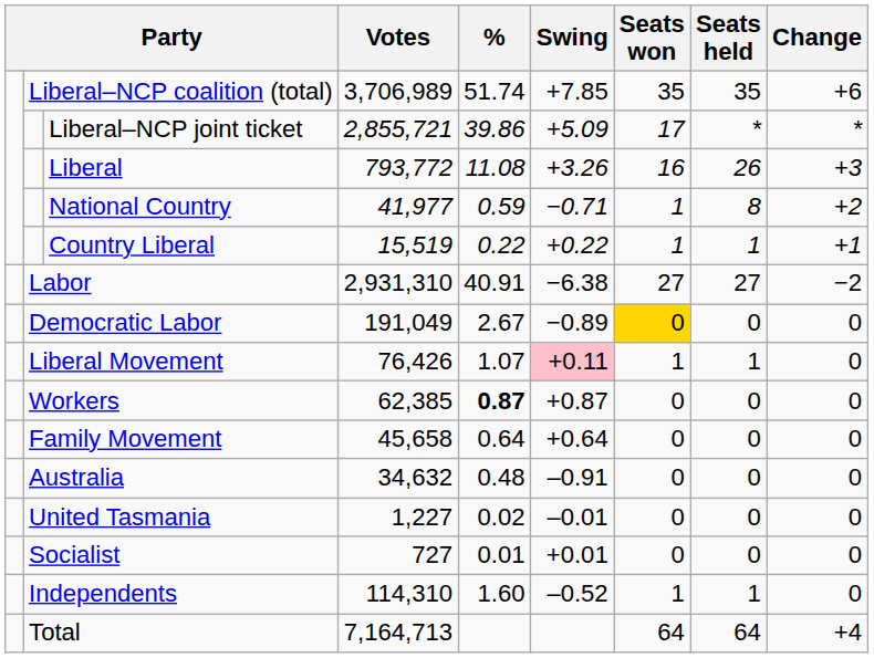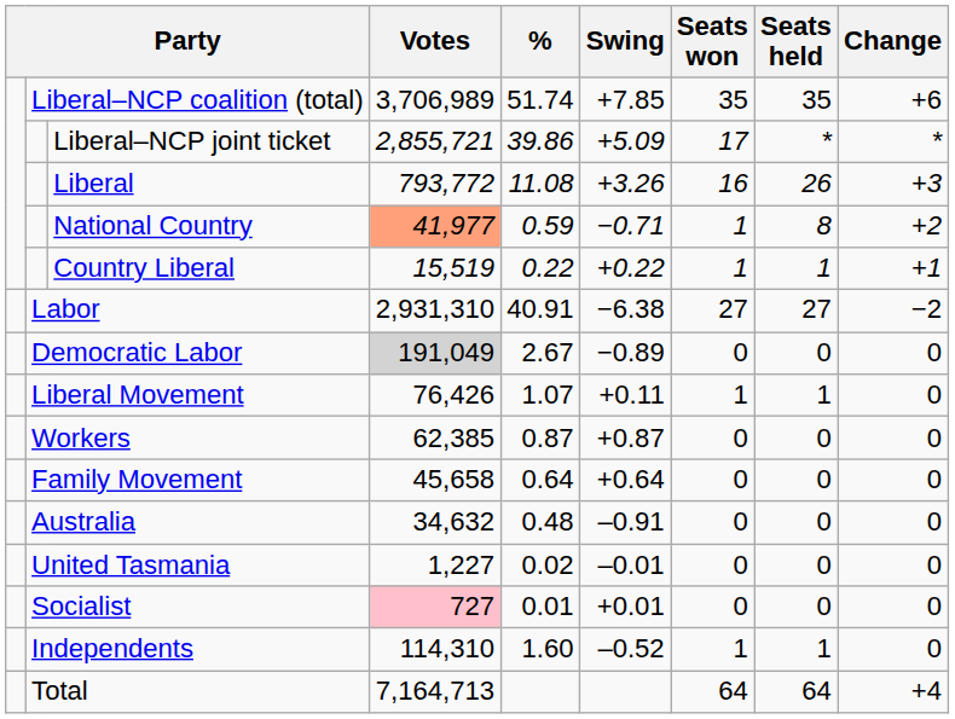 <table class="wikitable">
 <tr>
 <th colspan=3 style="width:180px">Party</th>
 <th style="width:70px">Votes</th>
 <th style="width:40px">%</th>
 <th style="width:40px">Swing</th>
 <th style="width:40px">Seats won</th>
 <th style="width:40px">Seats held</th>
 <th style="width:40px">Change</th>
 </tr>
 <tr>
 <td rowspan=5> </td>
 <td colspan=2><a href='#'>Liberal–NCP coalition</a> (total)</td>
 <td align=right>3,706,989</td>
 <td align=right>51.74</td>
 <td align=right>+7.85</td>
 <td align=right>35</td>
 <td align=right>35</td>
 <td align=right>+6</td>
 </tr>
 <tr>
 <td> </td>
 <td>Liberal–NCP joint ticket</td>
 <td align=right><em>2,855,721</em></td>
 <td align=right><em>39.86</em></td>
 <td align=right><em>+5.09</em></td>
 <td align=right><em>17</em></td>
 <td align=right><em>*</em></td>
 <td align=right><em>*</em></td>
 </tr>
 <tr>
 <td> </td>
 <td><a href='#'>Liberal</a></td>
 <td align=right><em>793,772</em></td>
 <td align=right><em>11.08</em></td>
 <td align=right><em>+3.26</em></td>
 <td align=right><em>16</em></td>
 <td align=right><em>26</em></td>
 <td align=right><em>+3</em></td>
 </tr>
 <tr>
 <td> </td>
 <td><a href='#'>National Country</a></td>
-<td align=right><em>41,977</em></td>
+<td align=right style="background: lightsalmon;"><em>41,977</em></td>
 <td align=right><em>0.59</em></td>
 <td align=right><em>−0.71</em></td>
 <td align=right><em>1</em></td>
 <td align=right><em>8</em></td>
 <td align=right><em>+2</em></td>
 </tr>
 <tr>
 <td> </td>
 <td><a href='#'>Country Liberal</a></td>
 <td align=right><em>15,519</em></td>
 <td align=right><em>0.22</em></td>
 <td align=right><em>+0.22</em></td>
 <td align=right><em>1</em></td>
 <td align=right><em>1</em></td>
 <td align=right><em>+1</em></td>
 </tr>
 <tr>
 <td> </td>
 <td colspan=2><a href='#'>Labor</a></td>
 <td align=right>2,931,310</td>
 <td align=right>40.91</td>
 <td align=right>−6.38</td>
 <td align=right>27</td>
 <td align=right>27</td>
 <td align=right>−2</td>
 </tr>
 <tr>
 <td> </td>
 <td colspan=2><a href='#'>Democratic Labor</a></td>
-<td align=right>191,049</td>
+<td align=right style="background: lightgrey;">191,049</td>
 <td align=right>2.67</td>
 <td align=right>−0.89</td>
-<td align=right style="background: gold;">0</td>
+<td align=right>0</td>
 <td align=right>0</td>
 <td align=right>0</td>
 </tr>
 <tr>
 <td> </td>
 <td colspan=2><a href='#'>Liberal Movement</a></td>
 <td align=right>76,426</td>
 <td align=right>1.07</td>
-<td align=right style="background: pink;">+0.11</td>
+<td align=right>+0.11</td>
 <td align=right>1</td>
 <td align=right>1</td>
 <td align=right>0</td>
 </tr>
 <tr>
 <td> </td>
 <td colspan=2><a href='#'>Workers</a></td>
 <td align=right>62,385</td>
-<td align=right><strong>0.87</strong></td>
+<td align=right>0.87</td>
 <td align=right>+0.87</td>
 <td align=right>0</td>
 <td align=right>0</td>
 <td align=right>0</td>
 </tr>
 <tr>
 <td> </td>
 <td colspan=2><a href='#'>Family Movement</a></td>
 <td align=right>45,658</td>
 <td align=right>0.64</td>
 <td align=right>+0.64</td>
 <td align=right>0</td>
 <td align=right>0</td>
 <td align=right>0</td>
 </tr>
 <tr>
 <td> </td>
 <td colspan=2><a href='#'>Australia</a></td>
 <td align=right>34,632</td>
 <td align=right>0.48</td>
 <td align=right>–0.91</td>
 <td align=right>0</td>
 <td align=right>0</td>
 <td align=right>0</td>
 </tr>
 <tr>
 <td> </td>
 <td colspan=2><a href='#'>United Tasmania</a></td>
 <td align=right>1,227</td>
 <td align=right>0.02</td>
 <td align=right>–0.01</td>
 <td align=right>0</td>
 <td align=right>0</td>
 <td align=right>0</td>
 </tr>
 <tr>
 <td> </td>
 <td colspan=2><a href='#'>Socialist</a></td>
-<td align=right>727</td>
+<td align=right style="background: pink;">727</td>
 <td align=right>0.01</td>
 <td align=right>+0.01</td>
 <td align=right>0</td>
 <td align=right>0</td>
 <td align=right>0</td>
 </tr>
 <tr>
 <td> </td>
 <td colspan=2><a href='#'>Independents</a></td>
 <td align=right>114,310</td>
 <td align=right>1.60</td>
 <td align=right>–0.52</td>
 <td align=right>1</td>
 <td align=right>1</td>
 <td align=right>0</td>
 </tr>
 <tr>
 <td> </td>
 <td colspan=2>Total</td>
 <td align=right>7,164,713</td>
 <td align=right> </td>
 <td align=right> </td>
 <td align=right>64</td>
 <td align=right>64</td>
 <td align=right>+4</td>
 </tr>
 </table>
